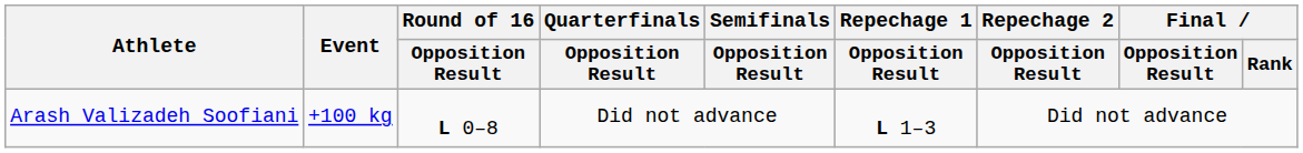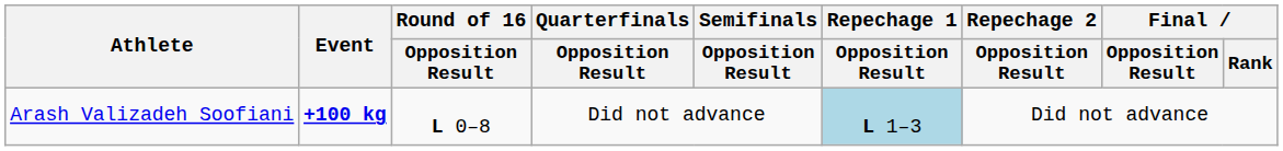 <table class="wikitable" style="font-size:90%;">
 <tr>
 <th rowspan=2>Athlete</th>
 <th rowspan=2>Event</th>
 <th>Round of 16</th>
 <th>Quarterfinals</th>
 <th>Semifinals</th>
 <th>Repechage 1</th>
 <th>Repechage 2</th>
 <th colspan=2>Final / </th>
 </tr>
 <tr style="font-size:95%">
 <th>Opposition<br>Result</th>
 <th>Opposition<br>Result</th>
 <th>Opposition<br>Result</th>
 <th>Opposition<br>Result</th>
 <th>Opposition<br>Result</th>
 <th>Opposition<br>Result</th>
 <th>Rank</th>
 </tr>
 <tr align=center>
 <td align=left><a href='#'>Arash Valizadeh Soofiani</a></td>
-<td align=left><a href='#'>+100 kg</a></td>
+<td align=left><strong><a href='#'>+100 kg</a></strong></td>
 <td><br><strong>L</strong> 0–8</td>
 <td colspan=2 align=center>Did not advance</td>
-<td><br><strong>L</strong> 1–3</td>
+<td style="background: lightblue;"><br><strong>L</strong> 1–3</td>
 <td colspan=3 align=center>Did not advance</td>
 </tr>
 </table>
